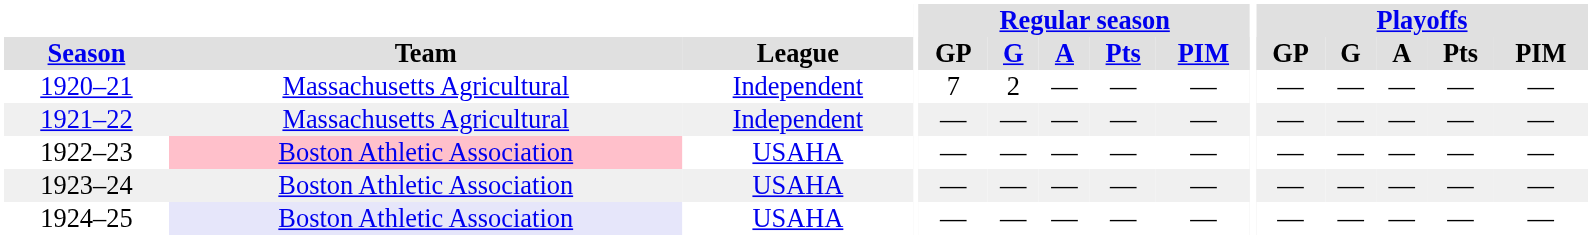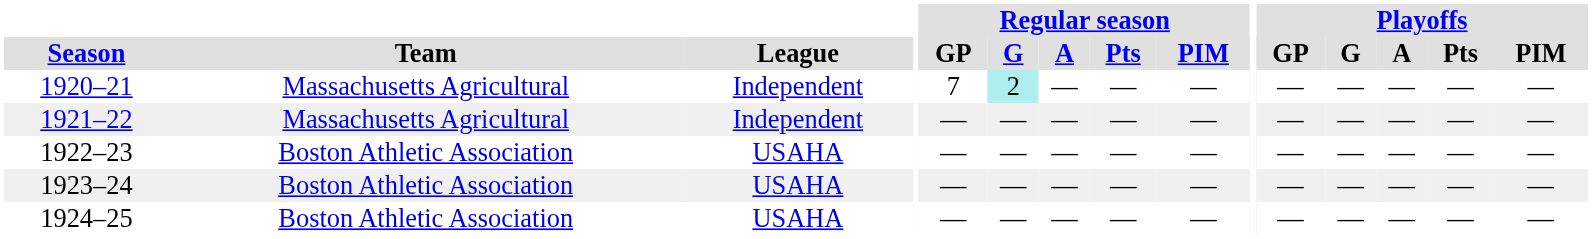 <table border="0" cellpadding="1" cellspacing="0" style="text-align:center; width:60em">
 <tr bgcolor="#e0e0e0">
 <th colspan="3" bgcolor="#ffffff"></th>
 <th rowspan="100" bgcolor="#ffffff"></th>
 <th colspan="5"><a href='#'>Regular season</a></th>
 <th rowspan="100" bgcolor="#ffffff"></th>
 <th colspan="5"><a href='#'>Playoffs</a></th>
 </tr>
 <tr bgcolor="#e0e0e0">
 <th><a href='#'>Season</a></th>
 <th>Team</th>
 <th>League</th>
 <th>GP</th>
 <th><a href='#'>G</a></th>
 <th><a href='#'>A</a></th>
 <th><a href='#'>Pts</a></th>
 <th><a href='#'>PIM</a></th>
 <th>GP</th>
 <th>G</th>
 <th>A</th>
 <th>Pts</th>
 <th>PIM</th>
 </tr>
 <tr>
 <td><a href='#'>1920–21</a></td>
 <td><a href='#'>Massachusetts Agricultural</a></td>
 <td><a href='#'>Independent</a></td>
 <td>7</td>
-<td>2</td>
+<td style="background: paleturquoise;">2</td>
 <td>—</td>
 <td>—</td>
 <td>—</td>
 <td>—</td>
 <td>—</td>
 <td>—</td>
 <td>—</td>
 <td>—</td>
 </tr>
 <tr bgcolor="#f0f0f0">
 <td><a href='#'>1921–22</a></td>
 <td><a href='#'>Massachusetts Agricultural</a></td>
 <td><a href='#'>Independent</a></td>
 <td>—</td>
 <td>—</td>
 <td>—</td>
 <td>—</td>
 <td>—</td>
 <td>—</td>
 <td>—</td>
 <td>—</td>
 <td>—</td>
 <td>—</td>
 </tr>
 <tr>
 <td>1922–23</td>
-<td style="background: pink;"><a href='#'>Boston Athletic Association</a></td>
+<td><a href='#'>Boston Athletic Association</a></td>
 <td><a href='#'>USAHA</a></td>
 <td>—</td>
 <td>—</td>
 <td>—</td>
 <td>—</td>
 <td>—</td>
 <td>—</td>
 <td>—</td>
 <td>—</td>
 <td>—</td>
 <td>—</td>
 </tr>
 <tr bgcolor="#f0f0f0">
 <td>1923–24</td>
 <td><a href='#'>Boston Athletic Association</a></td>
 <td><a href='#'>USAHA</a></td>
 <td>—</td>
 <td>—</td>
 <td>—</td>
 <td>—</td>
 <td>—</td>
 <td>—</td>
 <td>—</td>
 <td>—</td>
 <td>—</td>
 <td>—</td>
 </tr>
 <tr>
 <td>1924–25</td>
-<td style="background: lavender;"><a href='#'>Boston Athletic Association</a></td>
+<td><a href='#'>Boston Athletic Association</a></td>
 <td><a href='#'>USAHA</a></td>
 <td>—</td>
 <td>—</td>
 <td>—</td>
 <td>—</td>
 <td>—</td>
 <td>—</td>
 <td>—</td>
 <td>—</td>
 <td>—</td>
 <td>—</td>
 </tr>
 <tr>
 </tr>
 </table>
